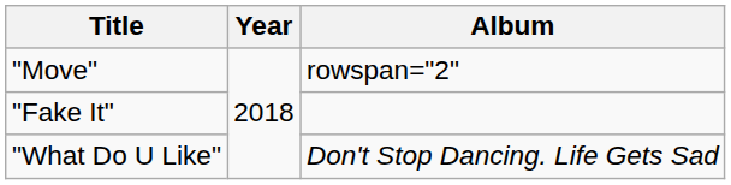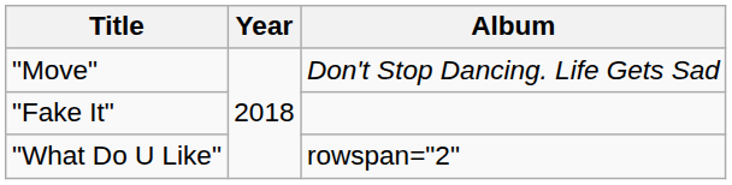 <table class="wikitable">
 <tr>
 <th>Title</th>
 <th>Year</th>
 <th>Album</th>
 </tr>
 <tr>
 <td>"Move"</td>
 <td rowspan="3">2018</td>
-<td>rowspan="2" </td>
+<td><em>Don't Stop Dancing. Life Gets Sad</em></td>
 </tr>
 <tr>
 <td>"Fake It"</td>
 </tr>
 <tr>
 <td>"What Do U Like"</td>
-<td><em>Don't Stop Dancing. Life Gets Sad</em></td>
+<td>rowspan="2" </td>
 </tr>
 </table>
